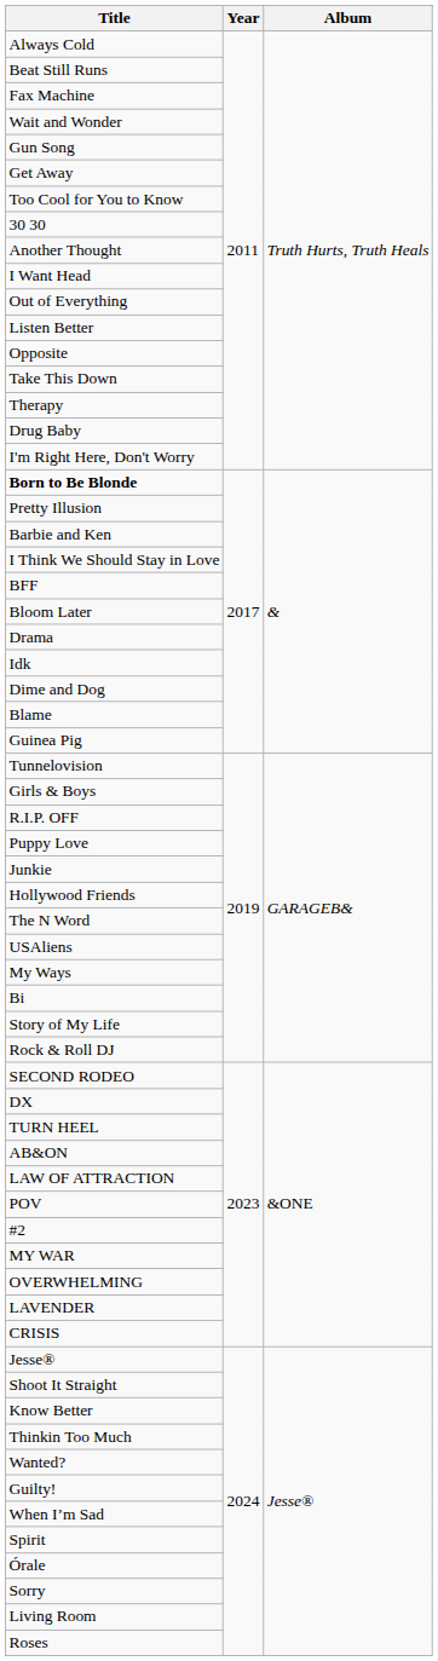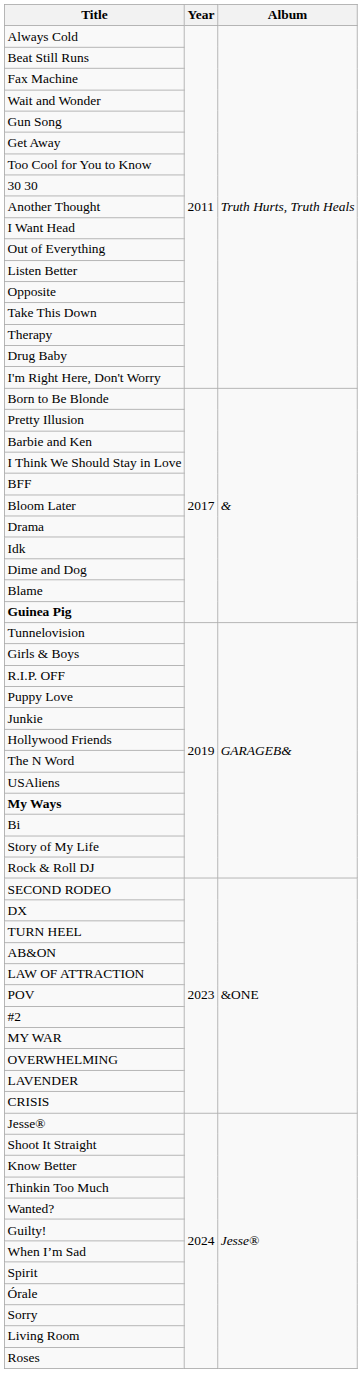 <table class="wikitable">
 <tr>
 <th>Title</th>
 <th>Year</th>
 <th>Album</th>
 </tr>
 <tr>
 <td>Always Cold</td>
 <td rowspan="17">2011</td>
 <td rowspan="17"><em>Truth Hurts, Truth Heals</em></td>
 </tr>
 <tr>
 <td>Beat Still Runs</td>
 </tr>
 <tr>
 <td>Fax Machine</td>
 </tr>
 <tr>
 <td>Wait and Wonder</td>
 </tr>
 <tr>
 <td>Gun Song</td>
 </tr>
 <tr>
 <td>Get Away</td>
 </tr>
 <tr>
 <td>Too Cool for You to Know</td>
 </tr>
 <tr>
 <td>30 30</td>
 </tr>
 <tr>
 <td>Another Thought</td>
 </tr>
 <tr>
 <td>I Want Head</td>
 </tr>
 <tr>
 <td>Out of Everything</td>
 </tr>
 <tr>
 <td>Listen Better</td>
 </tr>
 <tr>
 <td>Opposite</td>
 </tr>
 <tr>
 <td>Take This Down</td>
 </tr>
 <tr>
 <td>Therapy</td>
 </tr>
 <tr>
 <td>Drug Baby</td>
 </tr>
 <tr>
 <td>I'm Right Here, Don't Worry</td>
 </tr>
 <tr>
-<td><strong>Born to Be Blonde</strong></td>
+<td>Born to Be Blonde</td>
 <td rowspan="11">2017</td>
 <td rowspan="11"><em>&</em></td>
 </tr>
 <tr>
 <td>Pretty Illusion</td>
 </tr>
 <tr>
 <td>Barbie and Ken</td>
 </tr>
 <tr>
 <td>I Think We Should Stay in Love</td>
 </tr>
 <tr>
 <td>BFF</td>
 </tr>
 <tr>
 <td>Bloom Later</td>
 </tr>
 <tr>
 <td>Drama</td>
 </tr>
 <tr>
 <td>Idk</td>
 </tr>
 <tr>
 <td>Dime and Dog</td>
 </tr>
 <tr>
 <td>Blame</td>
 </tr>
 <tr>
-<td>Guinea Pig</td>
+<td><strong>Guinea Pig</strong></td>
 </tr>
 <tr>
 <td>Tunnelovision</td>
 <td rowspan="12">2019</td>
 <td rowspan="12"><em>GARAGEB&</em></td>
 </tr>
 <tr>
 <td>Girls & Boys</td>
 </tr>
 <tr>
 <td>R.I.P. OFF</td>
 </tr>
 <tr>
 <td>Puppy Love</td>
 </tr>
 <tr>
 <td>Junkie</td>
 </tr>
 <tr>
 <td>Hollywood Friends</td>
 </tr>
 <tr>
 <td>The N Word</td>
 </tr>
 <tr>
 <td>USAliens</td>
 </tr>
 <tr>
-<td>My Ways</td>
+<td><strong>My Ways</strong></td>
 </tr>
 <tr>
 <td>Bi</td>
 </tr>
 <tr>
 <td>Story of My Life</td>
 </tr>
 <tr>
 <td>Rock & Roll DJ</td>
 </tr>
 <tr>
 <td>SECOND RODEO</td>
 <td rowspan="11">2023</td>
 <td rowspan="11">&ONE</td>
 </tr>
 <tr>
 <td>DX</td>
 </tr>
 <tr>
 <td>TURN HEEL</td>
 </tr>
 <tr>
 <td>AB&ON</td>
 </tr>
 <tr>
 <td>LAW OF ATTRACTION</td>
 </tr>
 <tr>
 <td>POV</td>
 </tr>
 <tr>
 <td>#2</td>
 </tr>
 <tr>
 <td>MY WAR</td>
 </tr>
 <tr>
 <td>OVERWHELMING</td>
 </tr>
 <tr>
 <td>LAVENDER</td>
 </tr>
 <tr>
 <td>CRISIS</td>
 </tr>
 <tr>
 <td>Jesse®</td>
 <td rowspan="12">2024</td>
 <td rowspan="12"><em>Jesse®</em></td>
 </tr>
 <tr>
 <td>Shoot It Straight</td>
 </tr>
 <tr>
 <td>Know Better</td>
 </tr>
 <tr>
 <td>Thinkin Too Much</td>
 </tr>
 <tr>
 <td>Wanted?</td>
 </tr>
 <tr>
 <td>Guilty!</td>
 </tr>
 <tr>
 <td>When I’m Sad</td>
 </tr>
 <tr>
 <td>Spirit</td>
 </tr>
 <tr>
 <td>Órale</td>
 </tr>
 <tr>
 <td>Sorry</td>
 </tr>
 <tr>
 <td>Living Room</td>
 </tr>
 <tr>
 <td>Roses</td>
 </tr>
 </table>
